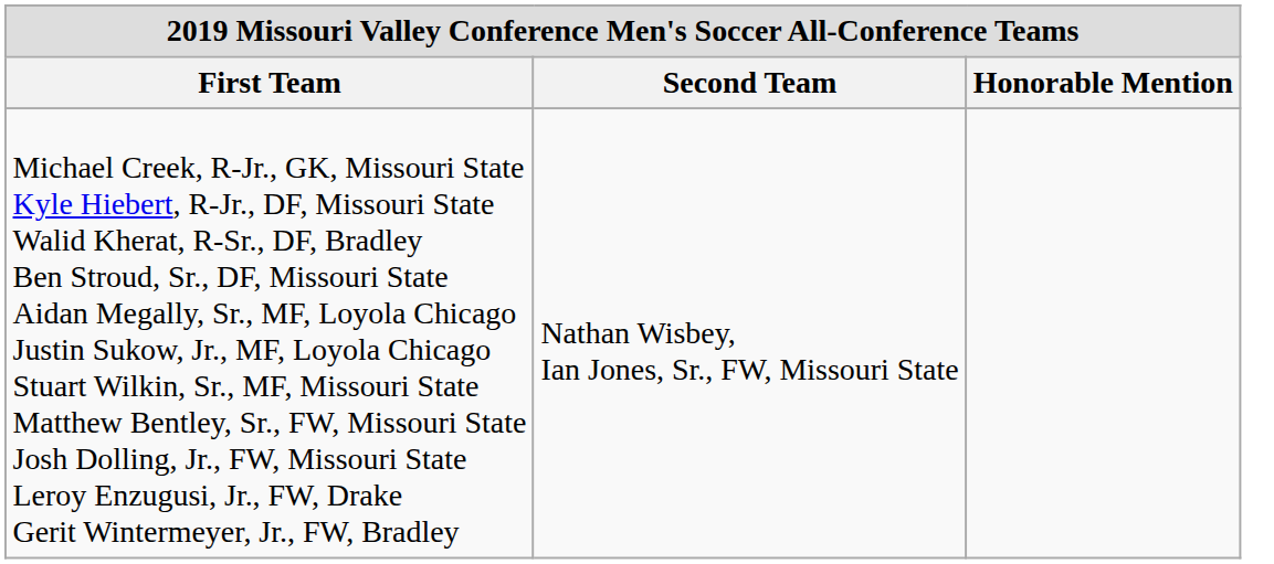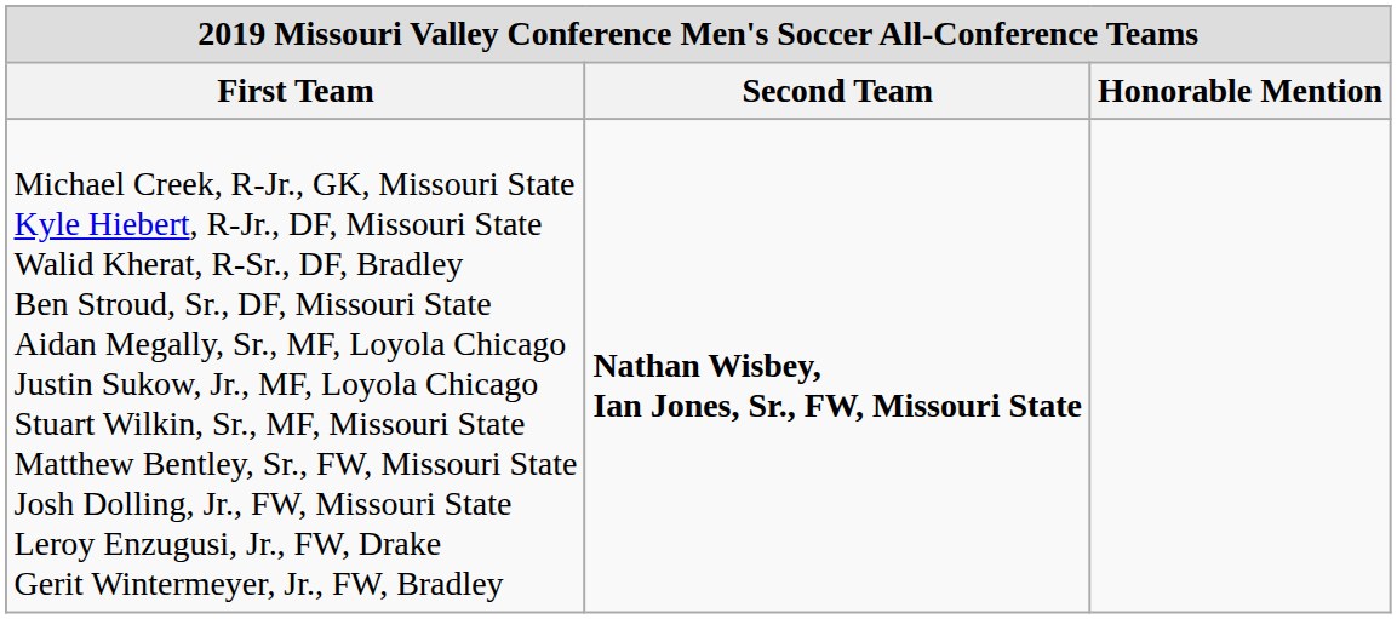 <table class="wikitable" style="white-space:nowrap; font-size:90%;">
 <tr>
 <td colspan="3" style="text-align:center; background:#ddd;"><strong>2019 Missouri Valley Conference Men's Soccer All-Conference Teams</strong></td>
 </tr>
 <tr>
 <th>First Team</th>
 <th>Second Team</th>
 <th>Honorable Mention</th>
 </tr>
 <tr>
 <td><br>Michael Creek, R-Jr., GK, Missouri State<br> <a href='#'>Kyle Hiebert</a>, R-Jr., DF, Missouri State<br> Walid Kherat, R-Sr., DF, Bradley<br> Ben Stroud, Sr., DF, Missouri State<br> Aidan Megally, Sr., MF, Loyola Chicago<br> Justin Sukow, Jr., MF, Loyola Chicago<br> Stuart Wilkin, Sr., MF, Missouri State<br> Matthew Bentley, Sr., FW, Missouri State<br> Josh Dolling, Jr., FW, Missouri State<br> Leroy Enzugusi, Jr., FW, Drake<br> Gerit Wintermeyer, Jr., FW, Bradley</td>
-<td><br>Nathan Wisbey,<br> Ian Jones, Sr., FW, Missouri State</td>
+<td><strong><br>Nathan Wisbey,<br> Ian Jones, Sr., FW, Missouri State</strong></td>
 <td></td>
 </tr>
 </table>
